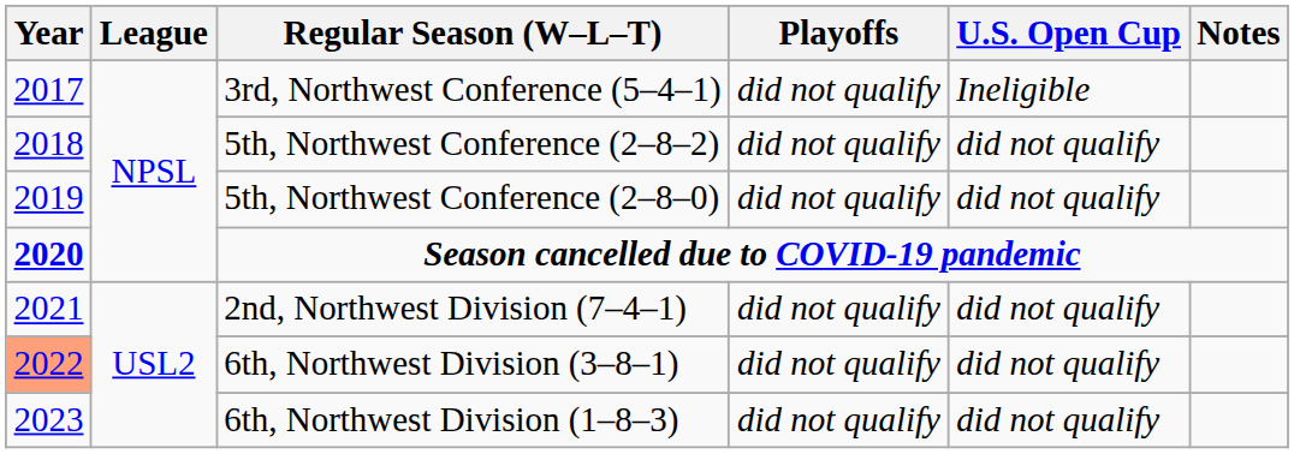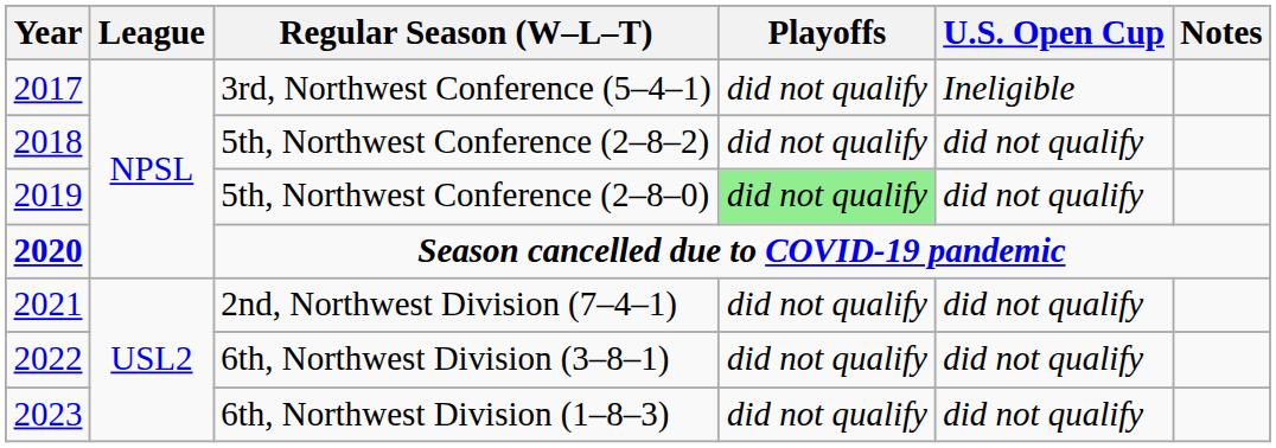 <table class="wikitable">
 <tr>
 <th>Year</th>
 <th>League</th>
 <th>Regular Season (W–L–T)</th>
 <th>Playoffs</th>
 <th><a href='#'>U.S. Open Cup</a></th>
 <th>Notes</th>
 </tr>
 <tr>
 <td><a href='#'>2017</a></td>
 <td style="text-align:center;" rowspan="4"><a href='#'>NPSL</a></td>
 <td>3rd, Northwest Conference (5–4–1)</td>
 <td><em>did not qualify</em></td>
 <td><em>Ineligible</em></td>
 <td></td>
 </tr>
 <tr>
 <td><a href='#'>2018</a></td>
 <td>5th, Northwest Conference (2–8–2)</td>
 <td><em>did not qualify</em></td>
 <td><em>did not qualify</em></td>
 <td></td>
 </tr>
 <tr>
 <td><a href='#'>2019</a></td>
 <td>5th, Northwest Conference (2–8–0)</td>
-<td><em>did not qualify</em></td>
+<td style="background: lightgreen;"><em>did not qualify</em></td>
 <td><em>did not qualify</em></td>
 <td></td>
 </tr>
 <tr>
 <td><strong><a href='#'>2020</a></strong></td>
 <td colspan="4" style="text-align:center;"><strong><em>Season cancelled due to <a href='#'>COVID-19 pandemic</a></em></strong></td>
 </tr>
 <tr>
 <td><a href='#'>2021</a></td>
 <td style="text-align:center;" rowspan="3"><a href='#'>USL2</a></td>
 <td>2nd, Northwest Division (7–4–1)</td>
 <td><em>did not qualify</em></td>
 <td><em>did not qualify</em></td>
 </tr>
 <tr>
-<td style="background: lightsalmon;"><a href='#'>2022</a></td>
+<td><a href='#'>2022</a></td>
 <td>6th, Northwest Division (3–8–1)</td>
 <td><em>did not qualify</em></td>
 <td><em>did not qualify</em></td>
 <td></td>
 </tr>
 <tr>
 <td><a href='#'>2023</a></td>
 <td>6th, Northwest Division (1–8–3)</td>
 <td><em>did not qualify</em></td>
 <td><em>did not qualify</em></td>
 <td></td>
 </tr>
 </table>
